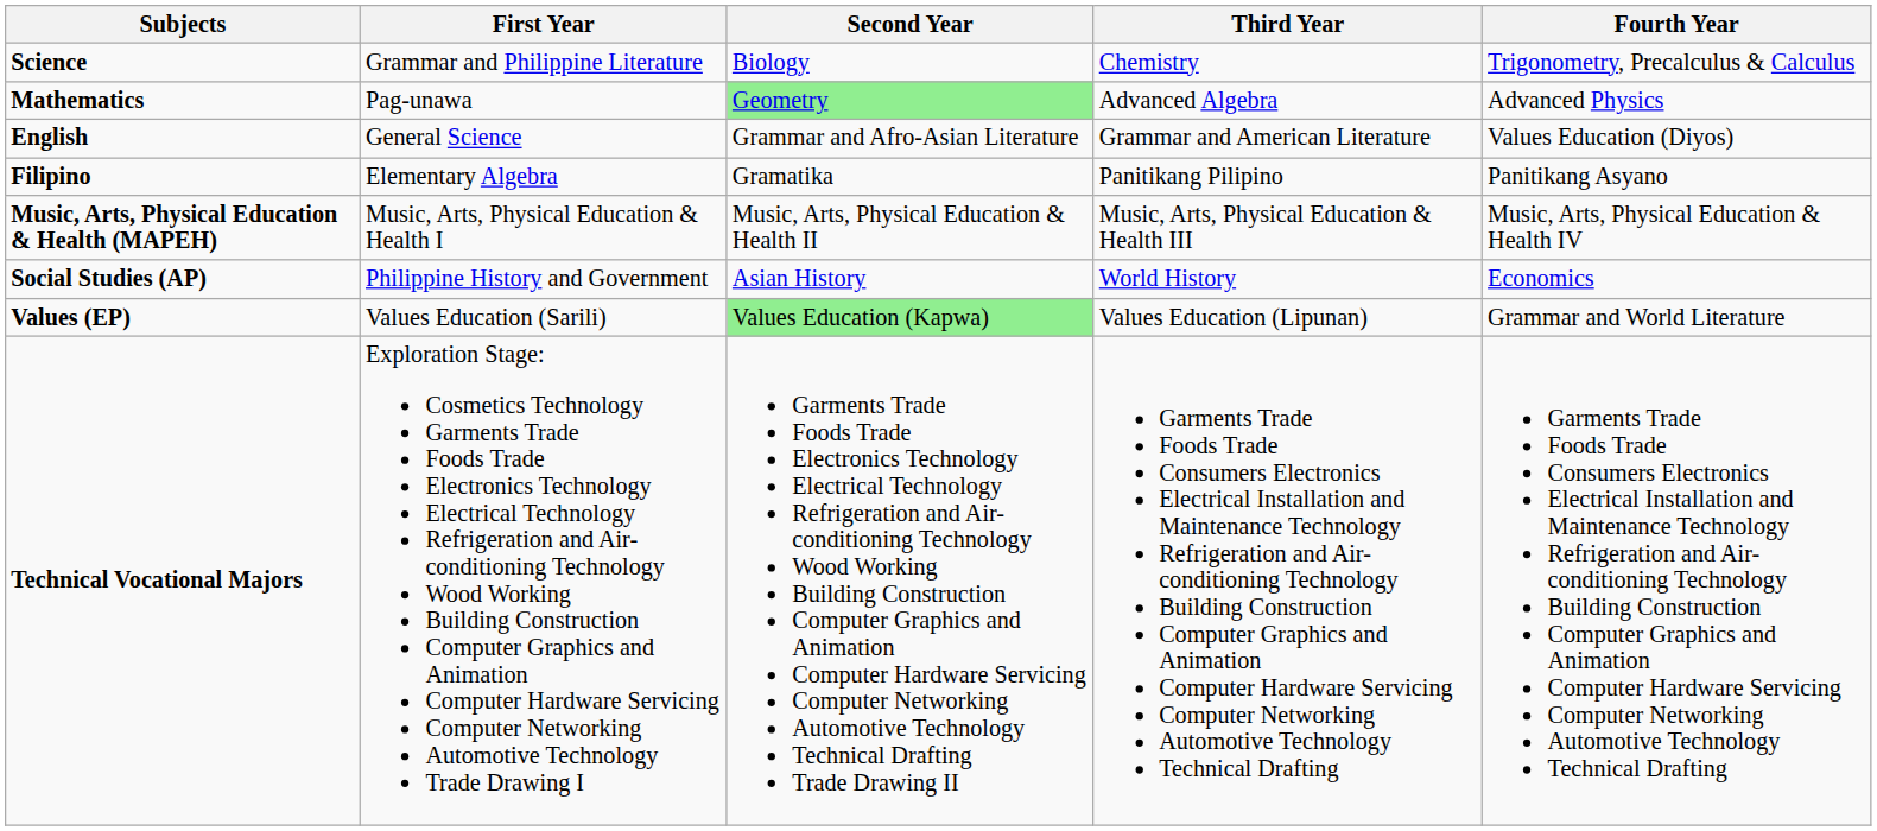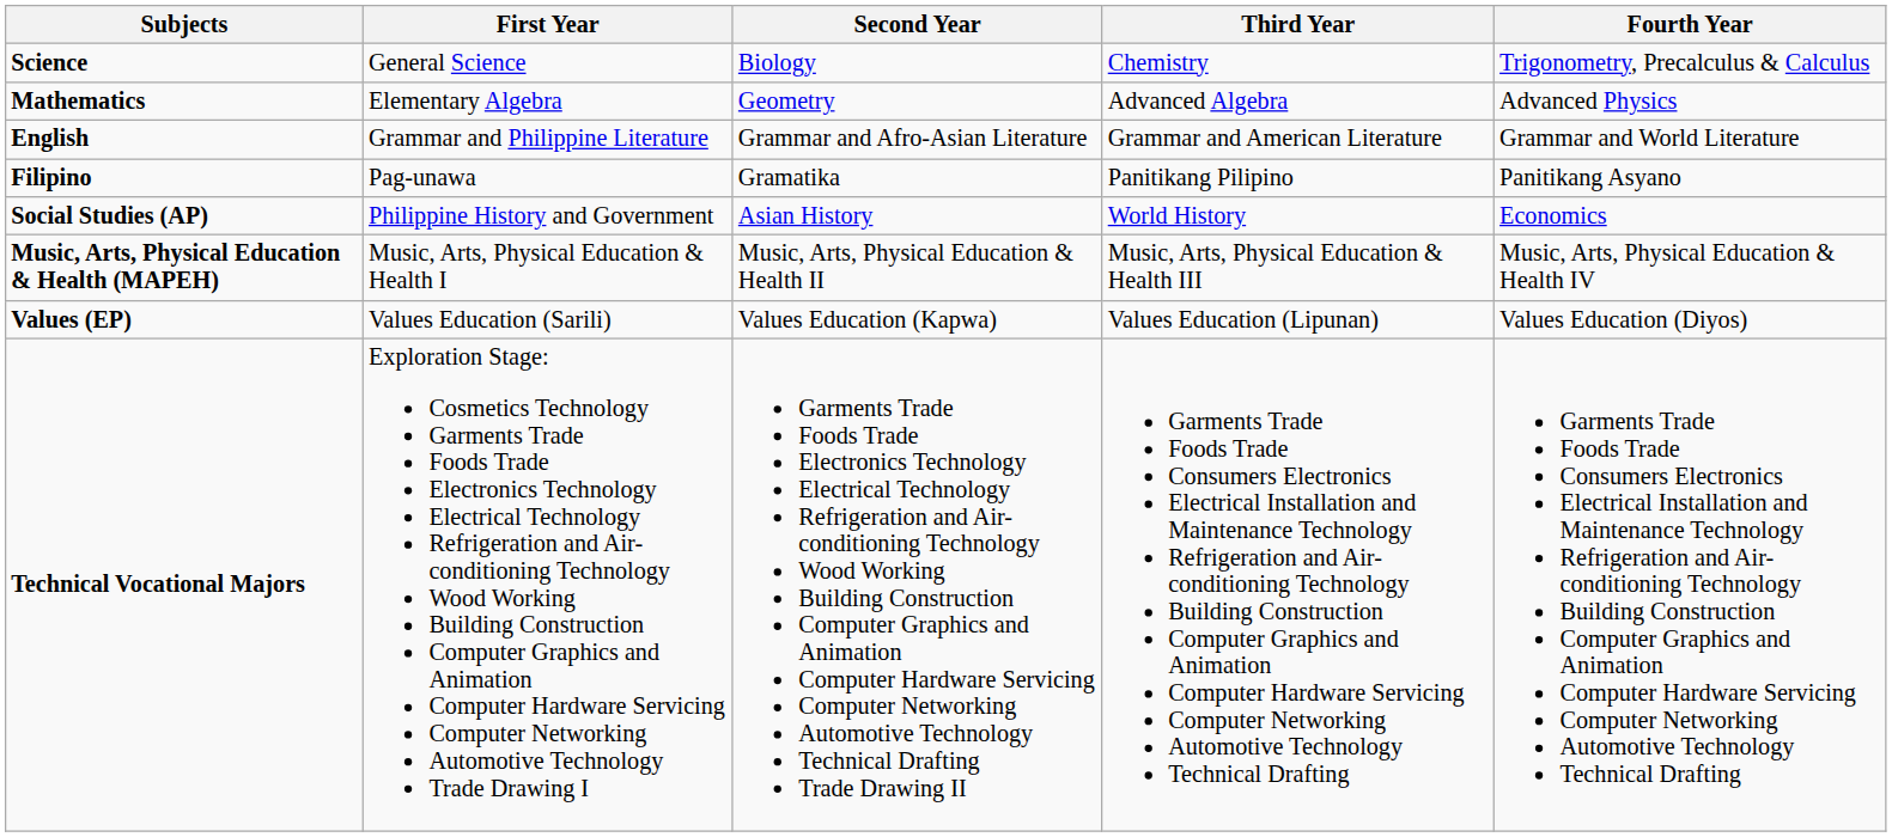 <table class="wikitable">
 <tr>
 <th><strong>Subjects</strong></th>
 <th><strong>First Year</strong></th>
 <th><strong>Second Year</strong></th>
 <th><strong>Third Year</strong></th>
 <th><strong>Fourth Year</strong></th>
 </tr>
 <tr>
 <td><strong>Science</strong></td>
-<td>Grammar and <a href='#'>Philippine Literature</a></td>
+<td>General <a href='#'>Science</a></td>
 <td><a href='#'>Biology</a></td>
 <td><a href='#'>Chemistry</a></td>
 <td><a href='#'>Trigonometry</a>, Precalculus & <a href='#'>Calculus</a></td>
 </tr>
 <tr>
 <td><strong>Mathematics</strong></td>
-<td>Pag-unawa</td>
-<td style="background: lightgreen;"><a href='#'>Geometry</a></td>
+<td>Elementary <a href='#'>Algebra</a></td>
+<td><a href='#'>Geometry</a></td>
 <td>Advanced <a href='#'>Algebra</a></td>
 <td>Advanced <a href='#'>Physics</a></td>
 </tr>
 <tr>
 <td><strong>English</strong></td>
-<td>General <a href='#'>Science</a></td>
+<td>Grammar and <a href='#'>Philippine Literature</a></td>
 <td>Grammar and Afro-Asian Literature</td>
 <td>Grammar and American Literature</td>
-<td>Values Education (Diyos)</td>
+<td>Grammar and World Literature</td>
 </tr>
 <tr>
 <td><strong>Filipino</strong></td>
-<td>Elementary <a href='#'>Algebra</a></td>
+<td>Pag-unawa</td>
 <td>Gramatika</td>
 <td>Panitikang Pilipino</td>
 <td>Panitikang Asyano</td>
+</tr>
+<tr>
+<td><strong>Social Studies (AP)</strong></td>
+<td><a href='#'>Philippine History</a> and Government</td>
+<td><a href='#'>Asian History</a></td>
+<td><a href='#'>World History</a></td>
+<td><a href='#'>Economics</a></td>
 </tr>
 <tr>
 <td><strong>Music, Arts, Physical Education & Health (MAPEH)</strong></td>
 <td>Music, Arts, Physical Education & Health I</td>
 <td>Music, Arts, Physical Education & Health II</td>
 <td>Music, Arts, Physical Education & Health III</td>
 <td>Music, Arts, Physical Education & Health IV</td>
 </tr>
 <tr>
-<td><strong>Social Studies (AP)</strong></td>
-<td><a href='#'>Philippine History</a> and Government</td>
-<td><a href='#'>Asian History</a></td>
-<td><a href='#'>World History</a></td>
-<td><a href='#'>Economics</a></td>
-</tr>
-<tr>
 <td><strong>Values (EP)</strong></td>
 <td>Values Education (Sarili)</td>
-<td style="background: lightgreen;">Values Education (Kapwa)</td>
+<td>Values Education (Kapwa)</td>
 <td>Values Education (Lipunan)</td>
-<td>Grammar and World Literature</td>
+<td>Values Education (Diyos)</td>
 </tr>
 <tr>
 <td><strong>Technical Vocational Majors</strong></td>
 <td>Exploration Stage:<br><ul><li>Cosmetics Technology</li><li>Garments Trade</li><li>Foods Trade</li><li>Electronics Technology</li><li>Electrical Technology</li><li>Refrigeration and Air-conditioning Technology</li><li>Wood Working</li><li>Building Construction</li><li>Computer Graphics and Animation</li><li>Computer Hardware Servicing</li><li>Computer Networking</li><li>Automotive Technology</li><li>Trade Drawing I</li></ul></td>
 <td><br><ul><li>Garments Trade</li><li>Foods Trade</li><li>Electronics Technology</li><li>Electrical Technology</li><li>Refrigeration and Air-conditioning Technology</li><li>Wood Working</li><li>Building Construction</li><li>Computer Graphics and Animation</li><li>Computer Hardware Servicing</li><li>Computer Networking</li><li>Automotive Technology</li><li>Technical Drafting</li><li>Trade Drawing II</li></ul></td>
 <td><br><ul><li>Garments Trade</li><li>Foods Trade</li><li>Consumers Electronics</li><li>Electrical Installation and Maintenance Technology</li><li>Refrigeration and Air-conditioning Technology</li><li>Building Construction</li><li>Computer Graphics and Animation</li><li>Computer Hardware Servicing</li><li>Computer Networking</li><li>Automotive Technology</li><li>Technical Drafting</li></ul></td>
 <td><br><ul><li>Garments Trade</li><li>Foods Trade</li><li>Consumers Electronics</li><li>Electrical Installation and Maintenance Technology</li><li>Refrigeration and Air-conditioning Technology</li><li>Building Construction</li><li>Computer Graphics and Animation</li><li>Computer Hardware Servicing</li><li>Computer Networking</li><li>Automotive Technology</li><li>Technical Drafting</li></ul></td>
 </tr>
 </table>
